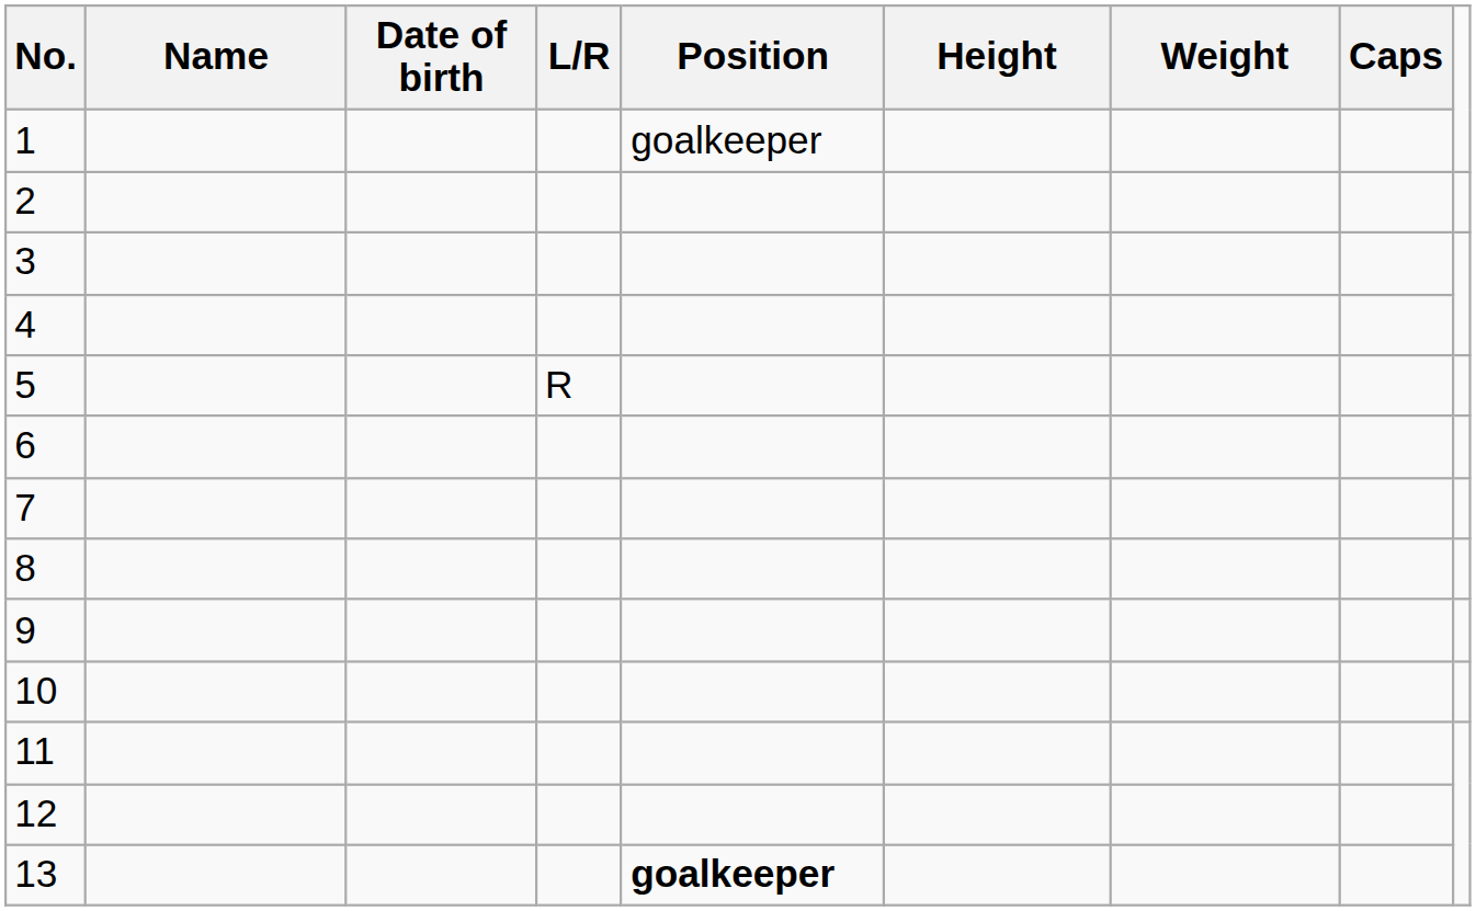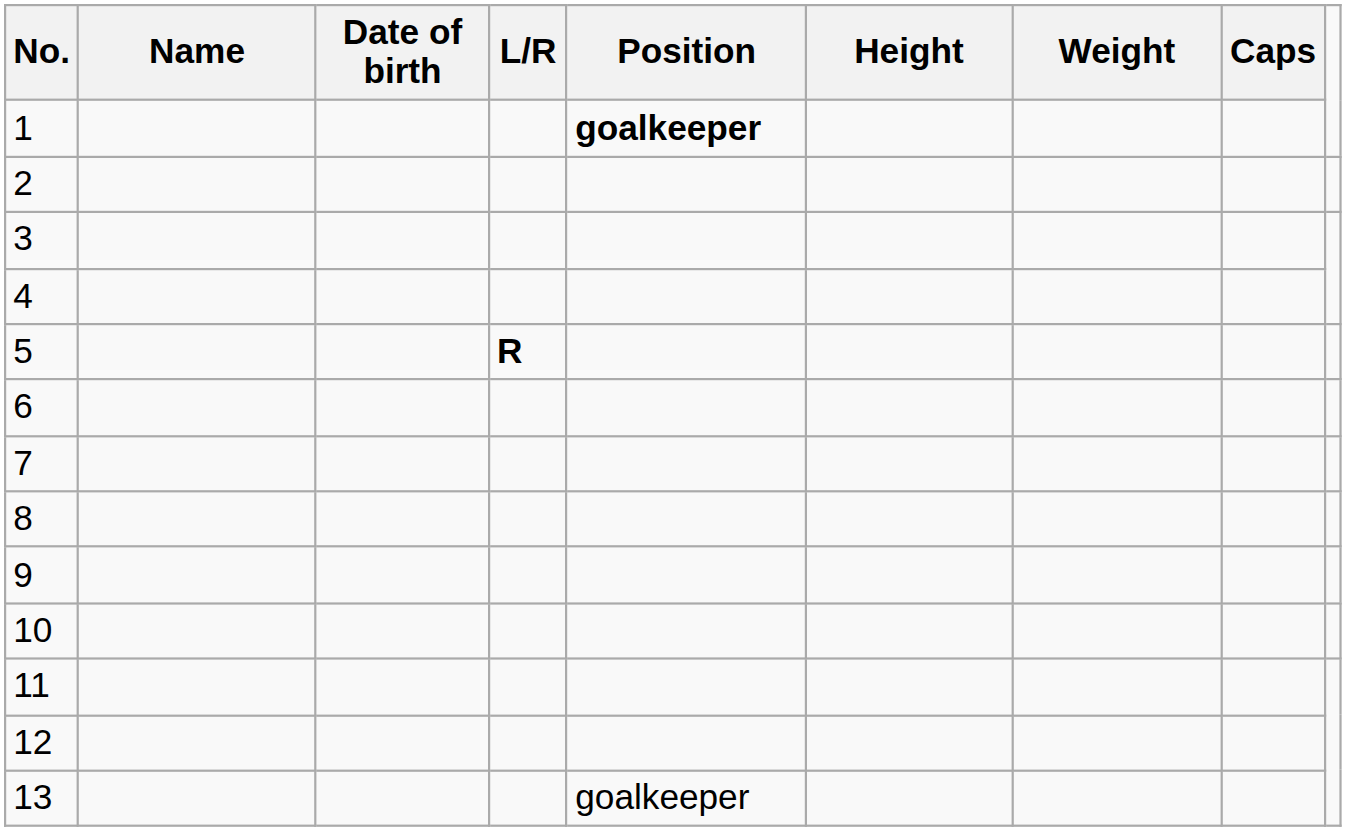 <table class=wikitable sortable style=font-size:100%; text-align:center;>
 <tr>
 <th>No.</th>
 <th style=width:12em>Name</th>
 <th style=width:8em>Date of birth</th>
 <th style=width:2em>L/R</th>
 <th style=width:8em>Position</th>
 <th style=width:9em>Height</th>
 <th style=width:9em>Weight</th>
 <th>Caps</th>
 </tr>
 <tr>
 <td>1</td>
 <td align=left></td>
 <td></td>
 <td></td>
-<td>goalkeeper</td>
+<td><strong>goalkeeper</strong></td>
 <td></td>
 <td></td>
 <td></td>
 </tr>
 <tr>
 <td>2</td>
 <td align=left></td>
 <td></td>
 <td></td>
 <td></td>
 <td></td>
 <td></td>
 <td></td>
 <td></td>
 </tr>
 <tr>
 <td>3</td>
 <td align=left></td>
 <td></td>
 <td></td>
 <td></td>
 <td></td>
 <td></td>
 <td></td>
 </tr>
 <tr>
 <td>4</td>
 <td align=left></td>
 <td></td>
 <td></td>
 <td></td>
 <td></td>
 <td></td>
 <td></td>
 </tr>
 <tr>
 <td>5</td>
 <td align=left></td>
 <td></td>
-<td>R</td>
+<td><strong>R</strong></td>
 <td></td>
 <td></td>
 <td></td>
 <td></td>
 <td></td>
 </tr>
 <tr>
 <td>6</td>
 <td align=left></td>
 <td></td>
 <td></td>
 <td></td>
 <td></td>
 <td></td>
 <td></td>
 <td></td>
 </tr>
 <tr>
 <td>7</td>
 <td align=left></td>
 <td></td>
 <td></td>
 <td></td>
 <td></td>
 <td></td>
 <td></td>
 <td></td>
 </tr>
 <tr>
 <td>8</td>
 <td align=left></td>
 <td></td>
 <td></td>
 <td></td>
 <td></td>
 <td></td>
 <td></td>
 <td></td>
 </tr>
 <tr>
 <td>9</td>
 <td align=left></td>
 <td></td>
 <td></td>
 <td></td>
 <td></td>
 <td></td>
 <td></td>
 </tr>
 <tr>
 <td>10</td>
 <td align=left></td>
 <td></td>
 <td></td>
 <td></td>
 <td></td>
 <td></td>
 <td></td>
 <td></td>
 </tr>
 <tr>
 <td>11</td>
 <td align=left></td>
 <td></td>
 <td></td>
 <td></td>
 <td></td>
 <td></td>
 <td></td>
 </tr>
 <tr>
 <td>12</td>
 <td align=left></td>
 <td></td>
 <td></td>
 <td></td>
 <td></td>
 <td></td>
 <td></td>
 </tr>
 <tr>
 <td>13</td>
 <td align=left></td>
 <td></td>
 <td></td>
-<td><strong>goalkeeper</strong></td>
+<td>goalkeeper</td>
 <td></td>
 <td></td>
 <td></td>
 </tr>
 </table>
